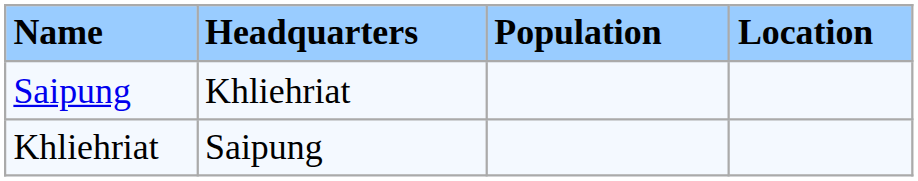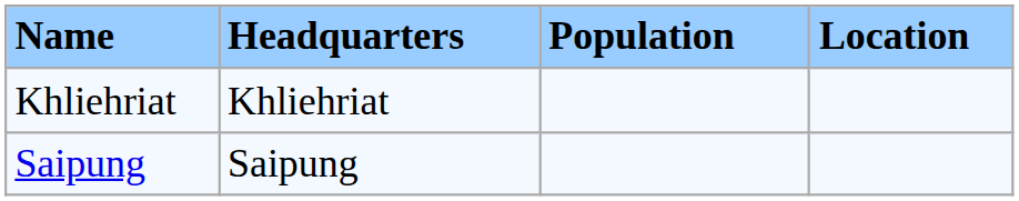 <table class="wikitable sortable" width=65% style="border:1px solid black">
 <tr bgcolor=#99ccff>
 <td width="10%"><strong>Name</strong></td>
 <td width="20%"><strong>Headquarters</strong></td>
 <td width="20%"><strong>Population</strong></td>
 <td width="10%"><strong>Location</strong></td>
 </tr>
 <tr bgcolor=#F4F9FF>
-<td><a href='#'>Saipung</a></td>
+<td>Khliehriat</td>
 <td>Khliehriat</td>
 <td></td>
 <td></td>
 </tr>
 <tr bgcolor=#F4F9FF>
-<td>Khliehriat</td>
+<td><a href='#'>Saipung</a></td>
 <td>Saipung</td>
 <td></td>
 <td></td>
 </tr>
 </table>
